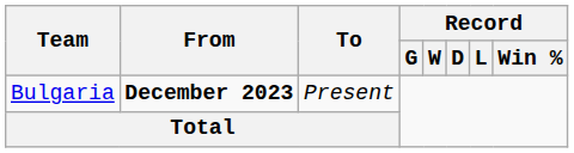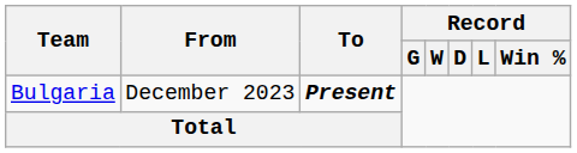 <table class="wikitable" style="text-align: center">
 <tr>
 <th rowspan="2">Team</th>
 <th rowspan="2">From</th>
 <th rowspan="2">To</th>
 <th colspan="5">Record</th>
 </tr>
 <tr>
 <th>G</th>
 <th>W</th>
 <th>D</th>
 <th>L</th>
 <th>Win %</th>
 </tr>
 <tr>
 <td align=left><a href='#'>Bulgaria</a></td>
-<td align=left><strong>December 2023</strong></td>
-<td align=left><em>Present</em><br></td>
+<td align=left>December 2023</td>
+<td align=left><strong><em>Present</em><br></strong></td>
 </tr>
 <tr>
 <th colspan="3">Total<br></th>
 </tr>
 </table>
